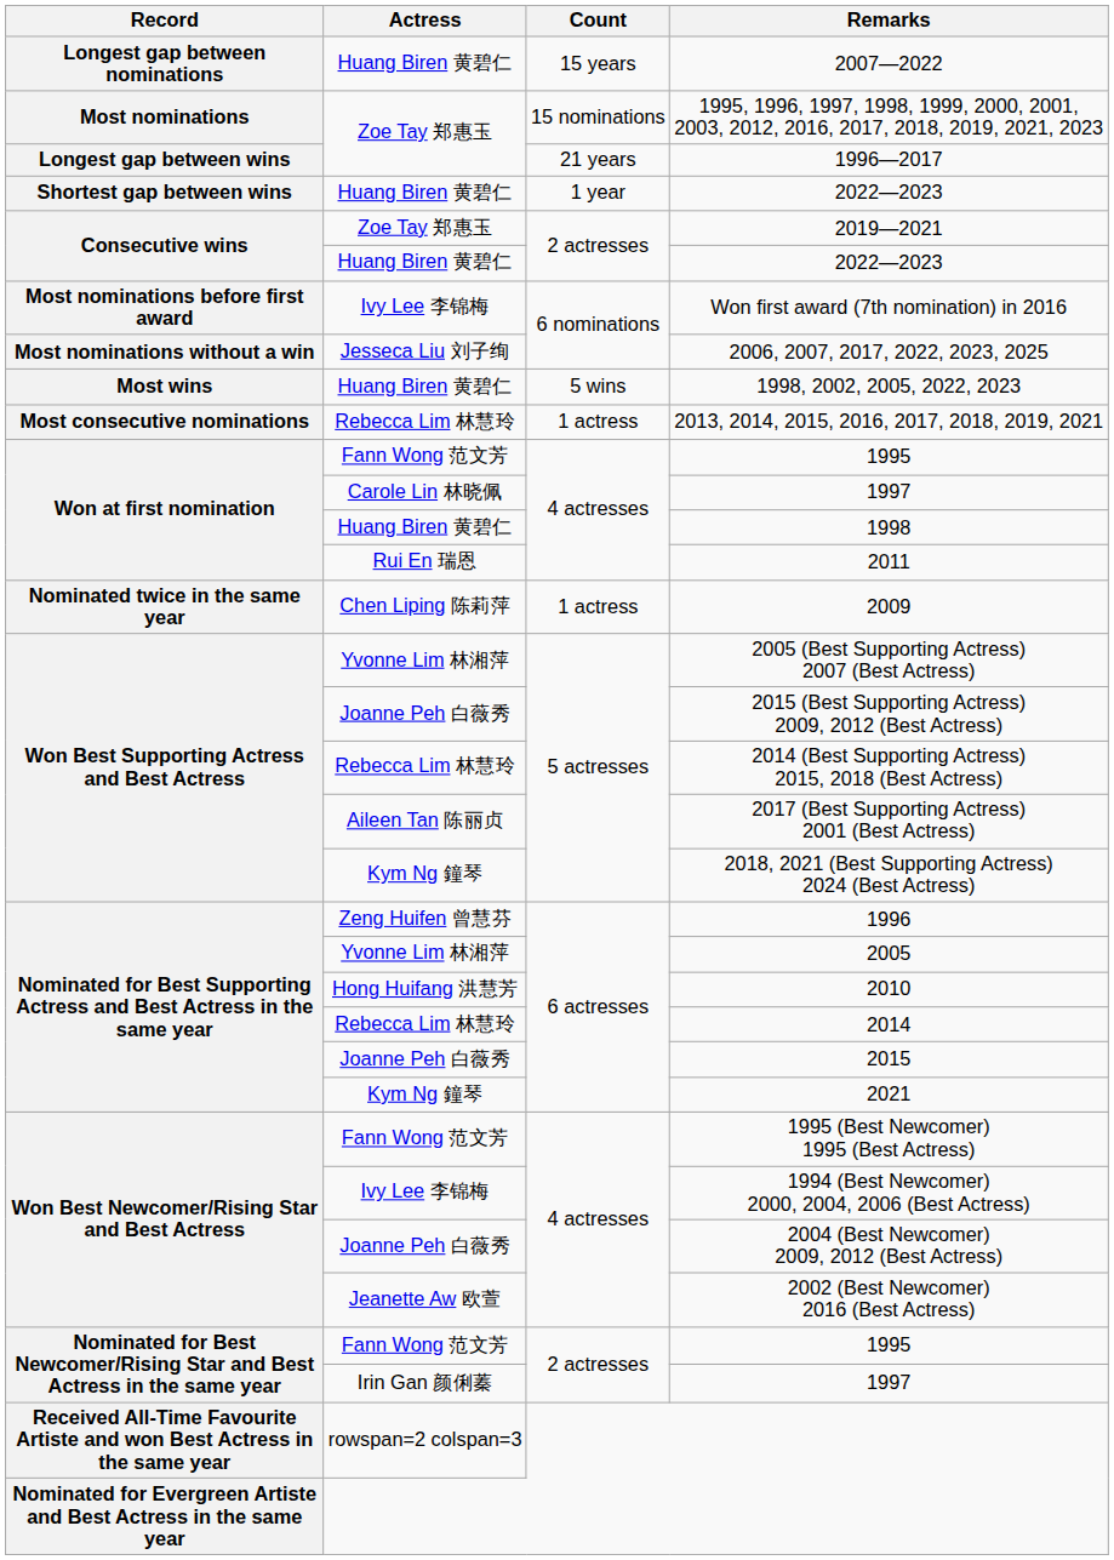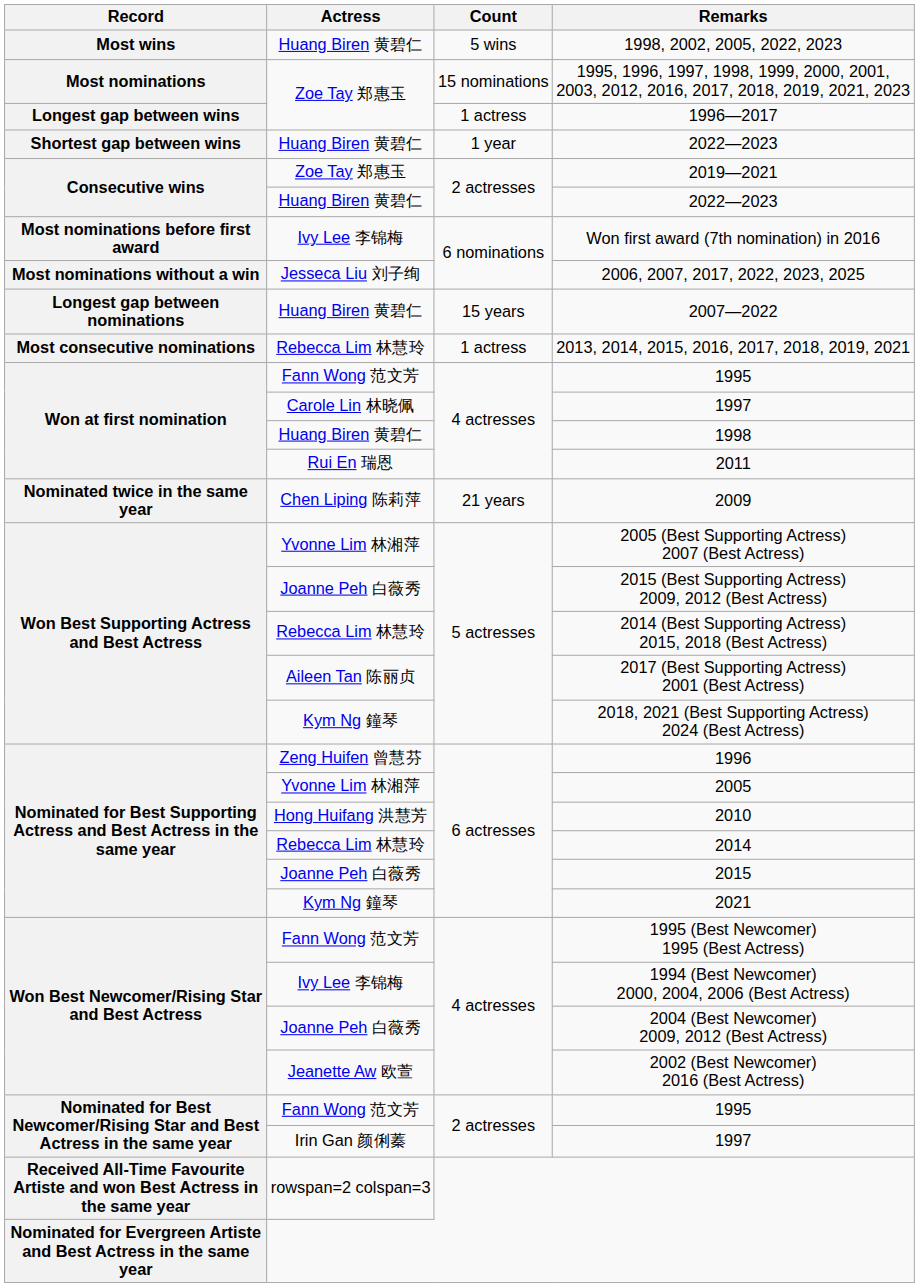 <table class="wikitable" style="text-align: center;">
 <tr>
 <th width=250 scope="col">Record</th>
 <th scope="col">Actress</th>
 <th scope="col">Count</th>
 <th scope="col">Remarks</th>
 </tr>
 <tr>
-<th>Longest gap between nominations</th>
+<th>Most wins</th>
 <td><a href='#'>Huang Biren</a> 黄碧仁</td>
-<td>15 years</td>
-<td>2007—2022</td>
+<td>5 wins</td>
+<td>1998, 2002, 2005, 2022, 2023</td>
 </tr>
 <tr>
 <th>Most nominations</th>
 <td rowspan=2><a href='#'>Zoe Tay</a> 郑惠玉</td>
 <td>15 nominations</td>
 <td>1995, 1996, 1997, 1998, 1999, 2000, 2001,<br>2003, 2012, 2016, 2017, 2018, 2019, 2021, 2023</td>
 </tr>
 <tr>
 <th>Longest gap between wins</th>
-<td>21 years</td>
+<td>1 actress</td>
 <td>1996—2017</td>
 </tr>
 <tr>
 <th>Shortest gap between wins</th>
 <td><a href='#'>Huang Biren</a> 黄碧仁</td>
 <td>1 year</td>
 <td>2022—2023</td>
 </tr>
 <tr>
 <th rowspan=2>Consecutive wins</th>
 <td><a href='#'>Zoe Tay</a> 郑惠玉</td>
 <td rowspan=2>2 actresses</td>
 <td>2019—2021</td>
 </tr>
 <tr>
 <td><a href='#'>Huang Biren</a> 黄碧仁</td>
 <td>2022—2023</td>
 </tr>
 <tr>
 <th>Most nominations before first award</th>
 <td><a href='#'>Ivy Lee</a> 李锦梅</td>
 <td rowspan=2>6 nominations</td>
 <td>Won first award (7th nomination) in 2016</td>
 </tr>
 <tr>
 <th>Most nominations without a win</th>
 <td><a href='#'>Jesseca Liu</a> 刘子绚</td>
 <td>2006, 2007, 2017, 2022, 2023, 2025</td>
 </tr>
 <tr>
-<th>Most wins</th>
+<th>Longest gap between nominations</th>
 <td><a href='#'>Huang Biren</a> 黄碧仁</td>
-<td>5 wins</td>
-<td>1998, 2002, 2005, 2022, 2023</td>
+<td>15 years</td>
+<td>2007—2022</td>
 </tr>
 <tr>
 <th>Most consecutive nominations</th>
 <td><a href='#'>Rebecca Lim</a> 林慧玲</td>
 <td>1 actress</td>
 <td>2013, 2014, 2015, 2016, 2017, 2018, 2019, 2021</td>
 </tr>
 <tr>
 <th rowspan=4>Won at first nomination</th>
 <td><a href='#'>Fann Wong</a> 范文芳</td>
 <td rowspan=4>4 actresses</td>
 <td>1995</td>
 </tr>
 <tr>
 <td><a href='#'>Carole Lin</a> 林晓佩</td>
 <td>1997</td>
 </tr>
 <tr>
 <td><a href='#'>Huang Biren</a> 黄碧仁</td>
 <td>1998</td>
 </tr>
 <tr>
 <td><a href='#'>Rui En</a> 瑞恩</td>
 <td>2011</td>
 </tr>
 <tr>
 <th>Nominated twice in the same year</th>
 <td><a href='#'>Chen Liping</a> 陈莉萍</td>
-<td>1 actress</td>
+<td>21 years</td>
 <td>2009</td>
 </tr>
 <tr>
 <th rowspan=5>Won Best Supporting Actress and Best Actress</th>
 <td><a href='#'>Yvonne Lim</a> 林湘萍</td>
 <td rowspan=5>5 actresses</td>
 <td>2005 (Best Supporting Actress)<br>2007 (Best Actress)</td>
 </tr>
 <tr>
 <td><a href='#'>Joanne Peh</a> 白薇秀</td>
 <td>2015 (Best Supporting Actress)<br>2009, 2012 (Best Actress)</td>
 </tr>
 <tr>
 <td><a href='#'>Rebecca Lim</a> 林慧玲</td>
 <td>2014 (Best Supporting Actress)<br>2015, 2018 (Best Actress)</td>
 </tr>
 <tr>
 <td><a href='#'>Aileen Tan</a> 陈丽贞</td>
 <td>2017 (Best Supporting Actress)<br>2001 (Best Actress)</td>
 </tr>
 <tr>
 <td><a href='#'>Kym Ng</a> 鐘琴</td>
 <td>2018, 2021 (Best Supporting Actress)<br>2024 (Best Actress)</td>
 </tr>
 <tr>
 <th rowspan=6>Nominated for Best Supporting Actress and Best Actress in the same year</th>
 <td><a href='#'>Zeng Huifen</a> 曾慧芬</td>
 <td rowspan=6>6 actresses</td>
 <td>1996</td>
 </tr>
 <tr>
 <td><a href='#'>Yvonne Lim</a> 林湘萍</td>
 <td>2005</td>
 </tr>
 <tr>
 <td><a href='#'>Hong Huifang</a> 洪慧芳</td>
 <td>2010</td>
 </tr>
 <tr>
 <td><a href='#'>Rebecca Lim</a> 林慧玲</td>
 <td>2014</td>
 </tr>
 <tr>
 <td><a href='#'>Joanne Peh</a> 白薇秀</td>
 <td>2015</td>
 </tr>
 <tr>
 <td><a href='#'>Kym Ng</a> 鐘琴</td>
 <td>2021</td>
 </tr>
 <tr>
 <th rowspan=4>Won Best Newcomer/Rising Star and Best Actress</th>
 <td><a href='#'>Fann Wong</a> 范文芳</td>
 <td rowspan=4>4 actresses</td>
 <td>1995 (Best Newcomer)<br>1995 (Best Actress)</td>
 </tr>
 <tr>
 <td><a href='#'>Ivy Lee</a> 李锦梅</td>
 <td>1994 (Best Newcomer)<br>2000, 2004, 2006 (Best Actress)</td>
 </tr>
 <tr>
 <td><a href='#'>Joanne Peh</a> 白薇秀</td>
 <td>2004 (Best Newcomer)<br>2009, 2012 (Best Actress)</td>
 </tr>
 <tr>
 <td><a href='#'>Jeanette Aw</a> 欧萱</td>
 <td>2002 (Best Newcomer)<br>2016 (Best Actress)</td>
 </tr>
 <tr>
 <th rowspan=2>Nominated for Best Newcomer/Rising Star and Best Actress in the same year</th>
 <td><a href='#'>Fann Wong</a> 范文芳</td>
 <td rowspan=2>2 actresses</td>
 <td>1995</td>
 </tr>
 <tr>
 <td>Irin Gan 颜俐蓁</td>
 <td>1997</td>
 </tr>
 <tr>
 <th>Received All-Time Favourite Artiste and won Best Actress in the same year</th>
 <td>rowspan=2 colspan=3 </td>
 </tr>
 <tr>
 <th>Nominated for Evergreen Artiste and Best Actress in the same year</th>
 </tr>
 <tr>
 </tr>
 </table>
